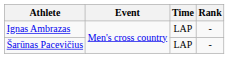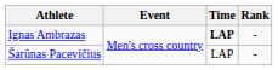 <table class=wikitable style=font-size:90%;text-align:center>
 <tr>
 <th>Athlete</th>
 <th>Event</th>
 <th>Time</th>
 <th>Rank</th>
 </tr>
 <tr>
 <td align=left><a href='#'>Ignas Ambrazas</a></td>
 <td align=left rowspan=2><a href='#'>Men's cross country</a></td>
-<td>LAP</td>
+<td><strong>LAP</strong></td>
 <td>-</td>
 </tr>
 <tr>
 <td align=left><a href='#'>Šarūnas Pacevičius</a></td>
 <td>LAP</td>
 <td>-</td>
 </tr>
 </table>
